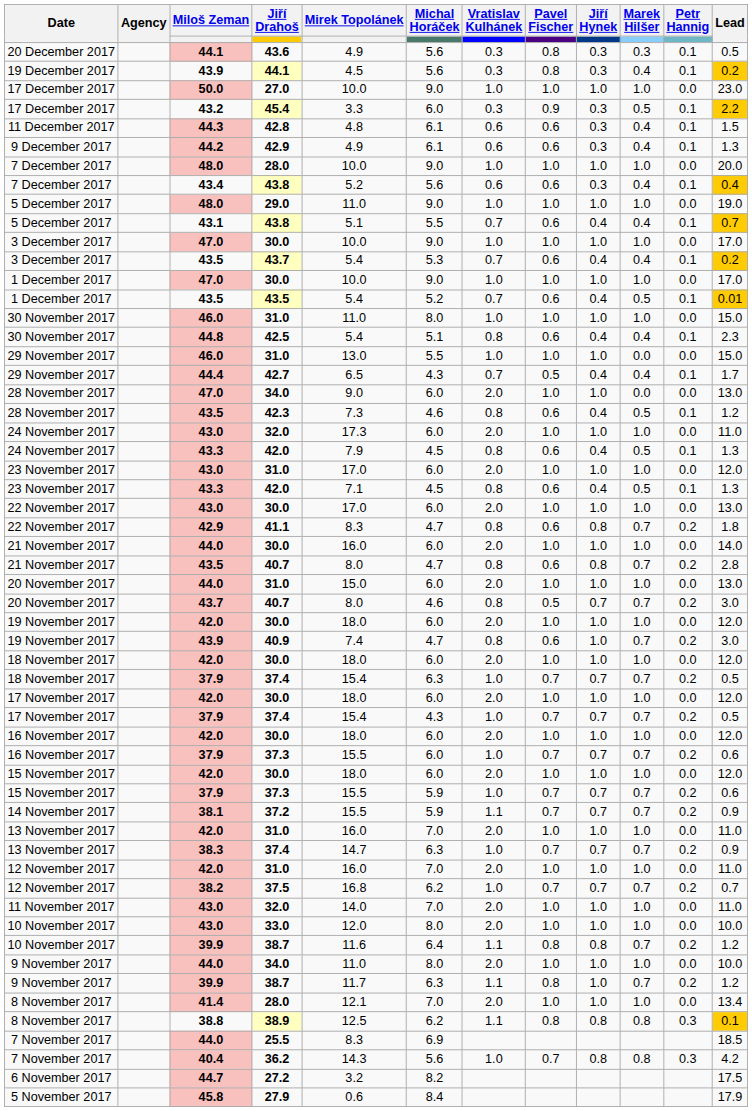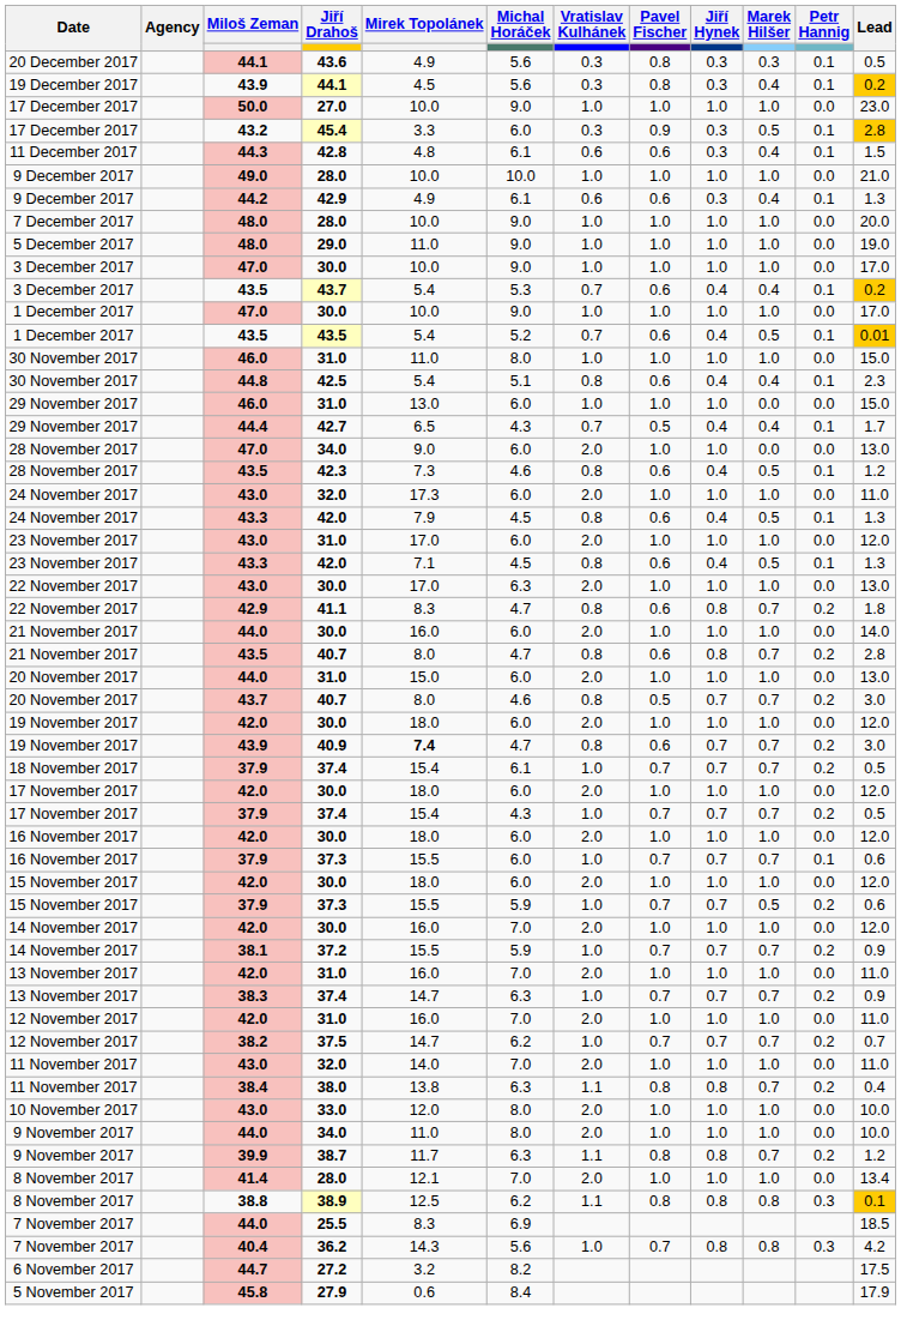 <table class="wikitable sortable collapsible collapsed" style=text-align:center;font-size:85%;line-height:14px;">
 <tr>
 <th rowspan="2">Date</th>
 <th rowspan="2">Agency</th>
 <th><a href='#'>Miloš Zeman</a></th>
 <th><a href='#'>Jiří Drahoš</a></th>
 <th><a href='#'>Mirek Topolánek</a></th>
 <th><a href='#'>Michal Horáček</a></th>
 <th><a href='#'>Vratislav Kulhánek</a></th>
 <th><a href='#'>Pavel Fischer</a></th>
 <th><a href='#'>Jiří Hynek</a></th>
 <th><a href='#'>Marek Hilšer</a></th>
 <th><a href='#'>Petr Hannig</a></th>
 <th style="width:25px;" rowspan="2">Lead</th>
 </tr>
 <tr>
 <th style="background:"></th>
 <th style="background:#FFCB03; width:40px;"></th>
 <th style="background:"></th>
 <th style="background:#49796B; width:40px;"></th>
 <th style="background:#0000FF; width:40px;"></th>
 <th style="background:#4b0082; width:40px;"></th>
 <th style="background:#013888; width:40px;"></th>
 <th style="background:#87CEFA; width:40px;"></th>
 <th style="background:#6FB7C5; width:40px;"></th>
 </tr>
 <tr>
 <td>20 December 2017</td>
 <td></td>
 <td style="background:#F8C1BE"><strong>44.1</strong></td>
 <td><strong>43.6</strong></td>
 <td>4.9</td>
 <td>5.6</td>
 <td>0.3</td>
 <td>0.8</td>
 <td>0.3</td>
 <td>0.3</td>
 <td>0.1</td>
 <td style="background:">0.5</td>
 </tr>
 <tr>
 <td>19 December 2017</td>
 <td></td>
 <td><strong>43.9</strong></td>
 <td style="background:#FFFFBF"><strong>44.1</strong></td>
 <td>4.5</td>
 <td>5.6</td>
 <td>0.3</td>
 <td>0.8</td>
 <td>0.3</td>
 <td>0.4</td>
 <td>0.1</td>
 <td style="background:#FFCB03;">0.2</td>
 </tr>
 <tr>
 <td>17 December 2017</td>
 <td></td>
 <td style="background:#F8C1BE"><strong>50.0</strong></td>
 <td><strong>27.0</strong></td>
 <td>10.0</td>
 <td>9.0</td>
 <td>1.0</td>
 <td>1.0</td>
 <td>1.0</td>
 <td>1.0</td>
 <td>0.0</td>
 <td style="background:">23.0</td>
 </tr>
 <tr>
 <td>17 December 2017</td>
 <td></td>
 <td><strong>43.2</strong></td>
 <td style="background:#FFFFBF"><strong>45.4</strong></td>
 <td>3.3</td>
 <td>6.0</td>
 <td>0.3</td>
 <td>0.9</td>
 <td>0.3</td>
 <td>0.5</td>
 <td>0.1</td>
-<td style="background:#FFCB03;">2.2</td>
+<td style="background:#FFCB03;">2.8</td>
 </tr>
 <tr>
 <td>11 December 2017</td>
 <td></td>
 <td style="background:#F8C1BE"><strong>44.3</strong></td>
 <td><strong>42.8</strong></td>
 <td>4.8</td>
 <td>6.1</td>
 <td>0.6</td>
 <td>0.6</td>
 <td>0.3</td>
 <td>0.4</td>
 <td>0.1</td>
 <td style="background:">1.5</td>
+</tr>
+<tr>
+<td>9 December 2017</td>
+<td></td>
+<td style="background:#F8C1BE"><strong>49.0</strong></td>
+<td><strong>28.0</strong></td>
+<td>10.0</td>
+<td>10.0</td>
+<td>1.0</td>
+<td>1.0</td>
+<td>1.0</td>
+<td>1.0</td>
+<td>0.0</td>
+<td style="background:">21.0</td>
 </tr>
 <tr>
 <td>9 December 2017</td>
 <td></td>
 <td style="background:#F8C1BE"><strong>44.2</strong></td>
 <td><strong>42.9</strong></td>
 <td>4.9</td>
 <td>6.1</td>
 <td>0.6</td>
 <td>0.6</td>
 <td>0.3</td>
 <td>0.4</td>
 <td>0.1</td>
 <td style="background:">1.3</td>
 </tr>
 <tr>
 <td>7 December 2017</td>
 <td></td>
 <td style="background:#F8C1BE"><strong>48.0</strong></td>
 <td><strong>28.0</strong></td>
 <td>10.0</td>
 <td>9.0</td>
 <td>1.0</td>
 <td>1.0</td>
 <td>1.0</td>
 <td>1.0</td>
 <td>0.0</td>
 <td style="background:">20.0</td>
 </tr>
 <tr>
-<td>7 December 2017</td>
-<td></td>
-<td><strong>43.4</strong></td>
-<td style="background:#FFFFBF"><strong>43.8</strong></td>
-<td>5.2</td>
-<td>5.6</td>
-<td>0.6</td>
-<td>0.6</td>
-<td>0.3</td>
-<td>0.4</td>
-<td>0.1</td>
-<td style="background:#FFCB03;">0.4</td>
-</tr>
-<tr>
 <td>5 December 2017</td>
 <td></td>
 <td style="background:#F8C1BE"><strong>48.0</strong></td>
 <td><strong>29.0</strong></td>
 <td>11.0</td>
 <td>9.0</td>
 <td>1.0</td>
 <td>1.0</td>
 <td>1.0</td>
 <td>1.0</td>
 <td>0.0</td>
 <td style="background:">19.0</td>
-</tr>
-<tr>
-<td>5 December 2017</td>
-<td></td>
-<td><strong>43.1</strong></td>
-<td style="background:#FFFFBF"><strong>43.8</strong></td>
-<td>5.1</td>
-<td>5.5</td>
-<td>0.7</td>
-<td>0.6</td>
-<td>0.4</td>
-<td>0.4</td>
-<td>0.1</td>
-<td style="background:#FFCB03;">0.7</td>
 </tr>
 <tr>
 <td>3 December 2017</td>
 <td></td>
 <td style="background:#F8C1BE"><strong>47.0</strong></td>
 <td><strong>30.0</strong></td>
 <td>10.0</td>
 <td>9.0</td>
 <td>1.0</td>
 <td>1.0</td>
 <td>1.0</td>
 <td>1.0</td>
 <td>0.0</td>
 <td style="background:">17.0</td>
 </tr>
 <tr>
 <td>3 December 2017</td>
 <td></td>
 <td><strong>43.5</strong></td>
 <td style="background:#FFFFBF"><strong>43.7</strong></td>
 <td>5.4</td>
 <td>5.3</td>
 <td>0.7</td>
 <td>0.6</td>
 <td>0.4</td>
 <td>0.4</td>
 <td>0.1</td>
 <td style="background:#FFCB03;">0.2</td>
 </tr>
 <tr>
 <td>1 December 2017</td>
 <td></td>
 <td style="background:#F8C1BE"><strong>47.0</strong></td>
 <td><strong>30.0</strong></td>
 <td>10.0</td>
 <td>9.0</td>
 <td>1.0</td>
 <td>1.0</td>
 <td>1.0</td>
 <td>1.0</td>
 <td>0.0</td>
 <td style="background:">17.0</td>
 </tr>
 <tr>
 <td>1 December 2017</td>
 <td></td>
 <td><strong>43.5</strong></td>
 <td style="background:#FFFFBF"><strong>43.5</strong></td>
 <td>5.4</td>
 <td>5.2</td>
 <td>0.7</td>
 <td>0.6</td>
 <td>0.4</td>
 <td>0.5</td>
 <td>0.1</td>
 <td style="background:#FFCB03;">0.01</td>
 </tr>
 <tr>
 <td>30 November 2017</td>
 <td></td>
 <td style="background:#F8C1BE"><strong>46.0</strong></td>
 <td><strong>31.0</strong></td>
 <td>11.0</td>
 <td>8.0</td>
 <td>1.0</td>
 <td>1.0</td>
 <td>1.0</td>
 <td>1.0</td>
 <td>0.0</td>
 <td style="background:">15.0</td>
 </tr>
 <tr>
 <td>30 November 2017</td>
 <td></td>
 <td style="background:#F8C1BE"><strong>44.8</strong></td>
 <td><strong>42.5</strong></td>
 <td>5.4</td>
 <td>5.1</td>
 <td>0.8</td>
 <td>0.6</td>
 <td>0.4</td>
 <td>0.4</td>
 <td>0.1</td>
 <td style="background:">2.3</td>
 </tr>
 <tr>
 <td>29 November 2017</td>
 <td></td>
 <td style="background:#F8C1BE"><strong>46.0</strong></td>
 <td><strong>31.0</strong></td>
 <td>13.0</td>
-<td>5.5</td>
+<td>6.0</td>
 <td>1.0</td>
 <td>1.0</td>
 <td>1.0</td>
 <td>0.0</td>
 <td>0.0</td>
 <td style="background:">15.0</td>
 </tr>
 <tr>
 <td>29 November 2017</td>
 <td></td>
 <td style="background:#F8C1BE"><strong>44.4</strong></td>
 <td><strong>42.7</strong></td>
 <td>6.5</td>
 <td>4.3</td>
 <td>0.7</td>
 <td>0.5</td>
 <td>0.4</td>
 <td>0.4</td>
 <td>0.1</td>
 <td style="background:">1.7</td>
 </tr>
 <tr>
 <td>28 November 2017</td>
 <td></td>
 <td style="background:#F8C1BE"><strong>47.0</strong></td>
 <td><strong>34.0</strong></td>
 <td>9.0</td>
 <td>6.0</td>
 <td>2.0</td>
 <td>1.0</td>
 <td>1.0</td>
 <td>0.0</td>
 <td>0.0</td>
 <td style="background:">13.0</td>
 </tr>
 <tr>
 <td>28 November 2017</td>
 <td></td>
 <td style="background:#F8C1BE"><strong>43.5</strong></td>
 <td><strong>42.3</strong></td>
 <td>7.3</td>
 <td>4.6</td>
 <td>0.8</td>
 <td>0.6</td>
 <td>0.4</td>
 <td>0.5</td>
 <td>0.1</td>
 <td style="background:">1.2</td>
 </tr>
 <tr>
 <td>24 November 2017</td>
 <td></td>
 <td style="background:#F8C1BE"><strong>43.0</strong></td>
 <td><strong>32.0</strong></td>
 <td>17.3</td>
 <td>6.0</td>
 <td>2.0</td>
 <td>1.0</td>
 <td>1.0</td>
 <td>1.0</td>
 <td>0.0</td>
 <td style="background:">11.0</td>
 </tr>
 <tr>
 <td>24 November 2017</td>
 <td></td>
 <td style="background:#F8C1BE"><strong>43.3</strong></td>
 <td><strong>42.0</strong></td>
 <td>7.9</td>
 <td>4.5</td>
 <td>0.8</td>
 <td>0.6</td>
 <td>0.4</td>
 <td>0.5</td>
 <td>0.1</td>
 <td style="background:">1.3</td>
 </tr>
 <tr>
 <td>23 November 2017</td>
 <td></td>
 <td style="background:#F8C1BE"><strong>43.0</strong></td>
 <td><strong>31.0</strong></td>
 <td>17.0</td>
 <td>6.0</td>
 <td>2.0</td>
 <td>1.0</td>
 <td>1.0</td>
 <td>1.0</td>
 <td>0.0</td>
 <td style="background:">12.0</td>
 </tr>
 <tr>
 <td>23 November 2017</td>
 <td></td>
 <td style="background:#F8C1BE"><strong>43.3</strong></td>
 <td><strong>42.0</strong></td>
 <td>7.1</td>
 <td>4.5</td>
 <td>0.8</td>
 <td>0.6</td>
 <td>0.4</td>
 <td>0.5</td>
 <td>0.1</td>
 <td style="background:">1.3</td>
 </tr>
 <tr>
 <td>22 November 2017</td>
 <td></td>
 <td style="background:#F8C1BE"><strong>43.0</strong></td>
 <td><strong>30.0</strong></td>
 <td>17.0</td>
-<td>6.0</td>
+<td>6.3</td>
 <td>2.0</td>
 <td>1.0</td>
 <td>1.0</td>
 <td>1.0</td>
 <td>0.0</td>
 <td style="background:">13.0</td>
 </tr>
 <tr>
 <td>22 November 2017</td>
 <td></td>
 <td style="background:#F8C1BE"><strong>42.9</strong></td>
 <td><strong>41.1</strong></td>
 <td>8.3</td>
 <td>4.7</td>
 <td>0.8</td>
 <td>0.6</td>
 <td>0.8</td>
 <td>0.7</td>
 <td>0.2</td>
 <td style="background:">1.8</td>
 </tr>
 <tr>
 <td>21 November 2017</td>
 <td></td>
 <td style="background:#F8C1BE"><strong>44.0</strong></td>
 <td><strong>30.0</strong></td>
 <td>16.0</td>
 <td>6.0</td>
 <td>2.0</td>
 <td>1.0</td>
 <td>1.0</td>
 <td>1.0</td>
 <td>0.0</td>
 <td style="background:">14.0</td>
 </tr>
 <tr>
 <td>21 November 2017</td>
 <td></td>
 <td style="background:#F8C1BE"><strong>43.5</strong></td>
 <td><strong>40.7</strong></td>
 <td>8.0</td>
 <td>4.7</td>
 <td>0.8</td>
 <td>0.6</td>
 <td>0.8</td>
 <td>0.7</td>
 <td>0.2</td>
 <td style="background:">2.8</td>
 </tr>
 <tr>
 <td>20 November 2017</td>
 <td></td>
 <td style="background:#F8C1BE"><strong>44.0</strong></td>
 <td><strong>31.0</strong></td>
 <td>15.0</td>
 <td>6.0</td>
 <td>2.0</td>
 <td>1.0</td>
 <td>1.0</td>
 <td>1.0</td>
 <td>0.0</td>
 <td style="background:">13.0</td>
 </tr>
 <tr>
 <td>20 November 2017</td>
 <td></td>
 <td style="background:#F8C1BE"><strong>43.7</strong></td>
 <td><strong>40.7</strong></td>
 <td>8.0</td>
 <td>4.6</td>
 <td>0.8</td>
 <td>0.5</td>
 <td>0.7</td>
 <td>0.7</td>
 <td>0.2</td>
 <td style="background:">3.0</td>
 </tr>
 <tr>
 <td>19 November 2017</td>
 <td></td>
 <td style="background:#F8C1BE"><strong>42.0</strong></td>
 <td><strong>30.0</strong></td>
 <td>18.0</td>
 <td>6.0</td>
 <td>2.0</td>
 <td>1.0</td>
 <td>1.0</td>
 <td>1.0</td>
 <td>0.0</td>
 <td style="background:">12.0</td>
 </tr>
 <tr>
 <td>19 November 2017</td>
 <td></td>
 <td style="background:#F8C1BE"><strong>43.9</strong></td>
 <td><strong>40.9</strong></td>
-<td>7.4</td>
+<td><strong>7.4</strong></td>
 <td>4.7</td>
 <td>0.8</td>
 <td>0.6</td>
-<td>1.0</td>
+<td>0.7</td>
 <td>0.7</td>
 <td>0.2</td>
 <td style="background:">3.0</td>
 </tr>
 <tr>
 <td>18 November 2017</td>
 <td></td>
-<td style="background:#F8C1BE"><strong>42.0</strong></td>
-<td><strong>30.0</strong></td>
-<td>18.0</td>
-<td>6.0</td>
-<td>2.0</td>
-<td>1.0</td>
-<td>1.0</td>
-<td>1.0</td>
-<td>0.0</td>
-<td style="background:">12.0</td>
-</tr>
-<tr>
-<td>18 November 2017</td>
-<td></td>
 <td style="background:#F8C1BE"><strong>37.9</strong></td>
 <td><strong>37.4</strong></td>
 <td>15.4</td>
-<td>6.3</td>
+<td>6.1</td>
 <td>1.0</td>
 <td>0.7</td>
 <td>0.7</td>
 <td>0.7</td>
 <td>0.2</td>
 <td style="background:">0.5</td>
 </tr>
 <tr>
 <td>17 November 2017</td>
 <td></td>
 <td style="background:#F8C1BE"><strong>42.0</strong></td>
 <td><strong>30.0</strong></td>
 <td>18.0</td>
 <td>6.0</td>
 <td>2.0</td>
 <td>1.0</td>
 <td>1.0</td>
 <td>1.0</td>
 <td>0.0</td>
 <td style="background:">12.0</td>
 </tr>
 <tr>
 <td>17 November 2017</td>
 <td></td>
 <td style="background:#F8C1BE"><strong>37.9</strong></td>
 <td><strong>37.4</strong></td>
 <td>15.4</td>
 <td>4.3</td>
 <td>1.0</td>
 <td>0.7</td>
 <td>0.7</td>
 <td>0.7</td>
 <td>0.2</td>
 <td style="background:">0.5</td>
 </tr>
 <tr>
 <td>16 November 2017</td>
 <td></td>
 <td style="background:#F8C1BE"><strong>42.0</strong></td>
 <td><strong>30.0</strong></td>
 <td>18.0</td>
 <td>6.0</td>
 <td>2.0</td>
 <td>1.0</td>
 <td>1.0</td>
 <td>1.0</td>
 <td>0.0</td>
 <td style="background:">12.0</td>
 </tr>
 <tr>
 <td>16 November 2017</td>
 <td></td>
 <td style="background:#F8C1BE"><strong>37.9</strong></td>
 <td><strong>37.3</strong></td>
 <td>15.5</td>
 <td>6.0</td>
 <td>1.0</td>
 <td>0.7</td>
 <td>0.7</td>
 <td>0.7</td>
-<td>0.2</td>
+<td>0.1</td>
 <td style="background:">0.6</td>
 </tr>
 <tr>
 <td>15 November 2017</td>
 <td></td>
 <td style="background:#F8C1BE"><strong>42.0</strong></td>
 <td><strong>30.0</strong></td>
 <td>18.0</td>
 <td>6.0</td>
 <td>2.0</td>
 <td>1.0</td>
 <td>1.0</td>
 <td>1.0</td>
 <td>0.0</td>
 <td style="background:">12.0</td>
 </tr>
 <tr>
 <td>15 November 2017</td>
 <td></td>
 <td style="background:#F8C1BE"><strong>37.9</strong></td>
 <td><strong>37.3</strong></td>
 <td>15.5</td>
 <td>5.9</td>
 <td>1.0</td>
 <td>0.7</td>
 <td>0.7</td>
-<td>0.7</td>
+<td>0.5</td>
 <td>0.2</td>
 <td style="background:">0.6</td>
+</tr>
+<tr>
+<td>14 November 2017</td>
+<td></td>
+<td style="background:#F8C1BE"><strong>42.0</strong></td>
+<td><strong>30.0</strong></td>
+<td>16.0</td>
+<td>7.0</td>
+<td>2.0</td>
+<td>1.0</td>
+<td>1.0</td>
+<td>1.0</td>
+<td>0.0</td>
+<td style="background:">12.0</td>
 </tr>
 <tr>
 <td>14 November 2017</td>
 <td></td>
 <td style="background:#F8C1BE"><strong>38.1</strong></td>
 <td><strong>37.2</strong></td>
 <td>15.5</td>
 <td>5.9</td>
-<td>1.1</td>
+<td>1.0</td>
 <td>0.7</td>
 <td>0.7</td>
 <td>0.7</td>
 <td>0.2</td>
 <td style="background:">0.9</td>
 </tr>
 <tr>
 <td>13 November 2017</td>
 <td></td>
 <td style="background:#F8C1BE"><strong>42.0</strong></td>
 <td><strong>31.0</strong></td>
 <td>16.0</td>
 <td>7.0</td>
 <td>2.0</td>
 <td>1.0</td>
 <td>1.0</td>
 <td>1.0</td>
 <td>0.0</td>
 <td style="background:">11.0</td>
 </tr>
 <tr>
 <td>13 November 2017</td>
 <td></td>
 <td style="background:#F8C1BE"><strong>38.3</strong></td>
 <td><strong>37.4</strong></td>
 <td>14.7</td>
 <td>6.3</td>
 <td>1.0</td>
 <td>0.7</td>
 <td>0.7</td>
 <td>0.7</td>
 <td>0.2</td>
 <td style="background:">0.9</td>
 </tr>
 <tr>
 <td>12 November 2017</td>
 <td></td>
 <td style="background:#F8C1BE"><strong>42.0</strong></td>
 <td><strong>31.0</strong></td>
 <td>16.0</td>
 <td>7.0</td>
 <td>2.0</td>
 <td>1.0</td>
 <td>1.0</td>
 <td>1.0</td>
 <td>0.0</td>
 <td style="background:">11.0</td>
 </tr>
 <tr>
 <td>12 November 2017</td>
 <td></td>
 <td style="background:#F8C1BE"><strong>38.2</strong></td>
 <td><strong>37.5</strong></td>
-<td>16.8</td>
+<td>14.7</td>
 <td>6.2</td>
 <td>1.0</td>
 <td>0.7</td>
 <td>0.7</td>
 <td>0.7</td>
 <td>0.2</td>
 <td style="background:">0.7</td>
 </tr>
 <tr>
 <td>11 November 2017</td>
 <td></td>
 <td style="background:#F8C1BE"><strong>43.0</strong></td>
 <td><strong>32.0</strong></td>
 <td>14.0</td>
 <td>7.0</td>
 <td>2.0</td>
 <td>1.0</td>
 <td>1.0</td>
 <td>1.0</td>
 <td>0.0</td>
 <td style="background:">11.0</td>
 </tr>
 <tr>
+<td>11 November 2017</td>
+<td></td>
+<td style="background:#F8C1BE"><strong>38.4</strong></td>
+<td><strong>38.0</strong></td>
+<td>13.8</td>
+<td>6.3</td>
+<td>1.1</td>
+<td>0.8</td>
+<td>0.8</td>
+<td>0.7</td>
+<td>0.2</td>
+<td style="background:">0.4</td>
+</tr>
+<tr>
 <td>10 November 2017</td>
 <td></td>
 <td style="background:#F8C1BE"><strong>43.0</strong></td>
 <td><strong>33.0</strong></td>
 <td>12.0</td>
 <td>8.0</td>
 <td>2.0</td>
 <td>1.0</td>
 <td>1.0</td>
 <td>1.0</td>
 <td>0.0</td>
 <td style="background:">10.0</td>
-</tr>
-<tr>
-<td>10 November 2017</td>
-<td></td>
-<td style="background:#F8C1BE"><strong>39.9</strong></td>
-<td><strong>38.7</strong></td>
-<td>11.6</td>
-<td>6.4</td>
-<td>1.1</td>
-<td>0.8</td>
-<td>0.8</td>
-<td>0.7</td>
-<td>0.2</td>
-<td style="background:">1.2</td>
 </tr>
 <tr>
 <td>9 November 2017</td>
 <td></td>
 <td style="background:#F8C1BE"><strong>44.0</strong></td>
 <td><strong>34.0</strong></td>
 <td>11.0</td>
 <td>8.0</td>
 <td>2.0</td>
 <td>1.0</td>
 <td>1.0</td>
 <td>1.0</td>
 <td>0.0</td>
 <td style="background:">10.0</td>
 </tr>
 <tr>
 <td>9 November 2017</td>
 <td></td>
 <td style="background:#F8C1BE"><strong>39.9</strong></td>
 <td><strong>38.7</strong></td>
 <td>11.7</td>
 <td>6.3</td>
 <td>1.1</td>
 <td>0.8</td>
-<td>1.0</td>
+<td>0.8</td>
 <td>0.7</td>
 <td>0.2</td>
 <td style="background:">1.2</td>
 </tr>
 <tr>
 <td>8 November 2017</td>
 <td></td>
 <td style="background:#F8C1BE"><strong>41.4</strong></td>
 <td><strong>28.0</strong></td>
 <td>12.1</td>
 <td>7.0</td>
 <td>2.0</td>
 <td>1.0</td>
 <td>1.0</td>
 <td>1.0</td>
 <td>0.0</td>
 <td style="background:">13.4</td>
 </tr>
 <tr>
 <td>8 November 2017</td>
 <td></td>
 <td><strong>38.8</strong></td>
 <td style="background:#FFFFBF"><strong>38.9</strong></td>
 <td>12.5</td>
 <td>6.2</td>
 <td>1.1</td>
 <td>0.8</td>
 <td>0.8</td>
 <td>0.8</td>
 <td>0.3</td>
 <td style="background:#FFCB03;">0.1</td>
 </tr>
 <tr>
 <td>7 November 2017</td>
 <td></td>
 <td style="background:#F8C1BE"><strong>44.0</strong></td>
 <td><strong>25.5</strong></td>
 <td>8.3</td>
 <td>6.9</td>
 <td></td>
 <td></td>
 <td></td>
 <td></td>
 <td></td>
 <td style="background:">18.5</td>
 </tr>
 <tr>
 <td>7 November 2017</td>
 <td></td>
 <td style="background:#F8C1BE"><strong>40.4</strong></td>
 <td><strong>36.2</strong></td>
 <td>14.3</td>
 <td>5.6</td>
 <td>1.0</td>
 <td>0.7</td>
 <td>0.8</td>
 <td>0.8</td>
 <td>0.3</td>
 <td style="background:">4.2</td>
 </tr>
 <tr>
 <td>6 November 2017</td>
 <td></td>
 <td style="background:#F8C1BE"><strong>44.7</strong></td>
 <td><strong>27.2</strong></td>
 <td>3.2</td>
 <td>8.2</td>
 <td></td>
 <td></td>
 <td></td>
 <td></td>
 <td></td>
 <td style="background:">17.5</td>
 </tr>
 <tr>
 <td>5 November 2017</td>
 <td></td>
 <td style="background:#F8C1BE"><strong>45.8</strong></td>
 <td><strong>27.9</strong></td>
 <td>0.6</td>
 <td>8.4</td>
 <td></td>
 <td></td>
 <td></td>
 <td></td>
 <td></td>
 <td style="background:">17.9</td>
 </tr>
 </table>
